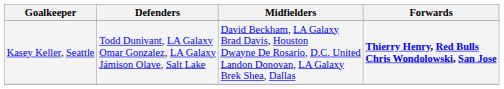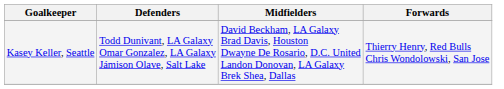 <table class="wikitable">
 <tr style="background:#cccccc;">
 <th>Goalkeeper</th>
 <th>Defenders</th>
 <th>Midfielders</th>
 <th>Forwards</th>
 </tr>
 <tr>
 </tr>
 <tr style="background:#f4f4f4;">
 <td> <a href='#'>Kasey Keller</a>, <a href='#'>Seattle</a></td>
 <td> <a href='#'>Todd Dunivant</a>, <a href='#'>LA Galaxy</a><br> <a href='#'>Omar Gonzalez</a>, <a href='#'>LA Galaxy</a> <br> <a href='#'>Jámison Olave</a>, <a href='#'>Salt Lake</a></td>
 <td> <a href='#'>David Beckham</a>, <a href='#'>LA Galaxy</a><br>  <a href='#'>Brad Davis</a>, <a href='#'>Houston</a><br> <a href='#'>Dwayne De Rosario</a>, <a href='#'>D.C. United</a> <br> <a href='#'>Landon Donovan</a>, <a href='#'>LA Galaxy</a> <br> <a href='#'>Brek Shea</a>, <a href='#'>Dallas</a></td>
-<td><strong> <a href='#'>Thierry Henry</a>, <a href='#'>Red Bulls</a><br> <a href='#'>Chris Wondolowski</a>, <a href='#'>San Jose</a></strong></td>
+<td> <a href='#'>Thierry Henry</a>, <a href='#'>Red Bulls</a><br> <a href='#'>Chris Wondolowski</a>, <a href='#'>San Jose</a></td>
 </tr>
 <tr style="background:#f4f4f4;">
 </tr>
 </table>
